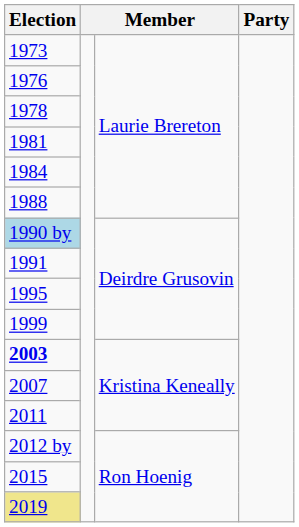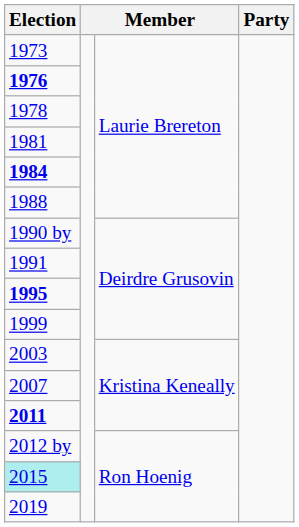 <table class="wikitable">
 <tr>
 <th>Election</th>
 <th colspan="2">Member</th>
 <th>Party</th>
 </tr>
 <tr>
 <td><a href='#'>1973</a></td>
 <td rowspan="16" > </td>
 <td rowspan="6"><a href='#'>Laurie Brereton</a></td>
 <td rowspan="16"></td>
 </tr>
 <tr>
-<td><a href='#'>1976</a></td>
+<td><strong><a href='#'>1976</a></strong></td>
 </tr>
 <tr>
 <td><a href='#'>1978</a></td>
 </tr>
 <tr>
 <td><a href='#'>1981</a></td>
 </tr>
 <tr>
-<td><a href='#'>1984</a></td>
+<td><strong><a href='#'>1984</a></strong></td>
 </tr>
 <tr>
 <td><a href='#'>1988</a></td>
 </tr>
 <tr>
-<td style="background: lightblue;"><a href='#'>1990 by</a></td>
+<td><a href='#'>1990 by</a></td>
 <td rowspan="4"><a href='#'>Deirdre Grusovin</a></td>
 </tr>
 <tr>
 <td><a href='#'>1991</a></td>
 </tr>
 <tr>
-<td><a href='#'>1995</a></td>
+<td><strong><a href='#'>1995</a></strong></td>
 </tr>
 <tr>
 <td><a href='#'>1999</a></td>
 </tr>
 <tr>
-<td><strong><a href='#'>2003</a></strong></td>
+<td><a href='#'>2003</a></td>
 <td rowspan="3"><a href='#'>Kristina Keneally</a></td>
 </tr>
 <tr>
 <td><a href='#'>2007</a></td>
 </tr>
 <tr>
-<td><a href='#'>2011</a></td>
+<td><strong><a href='#'>2011</a></strong></td>
 </tr>
 <tr>
 <td><a href='#'>2012 by</a></td>
 <td rowspan="3"><a href='#'>Ron Hoenig</a></td>
 </tr>
 <tr>
-<td><a href='#'>2015</a></td>
+<td style="background: paleturquoise;"><a href='#'>2015</a></td>
 </tr>
 <tr>
-<td style="background: khaki;"><a href='#'>2019</a></td>
+<td><a href='#'>2019</a></td>
 </tr>
 </table>
